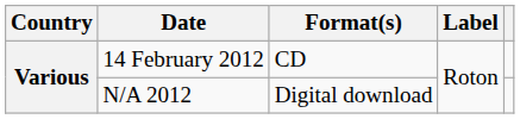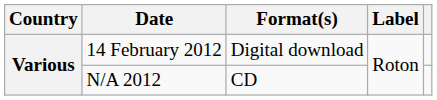 <table class="wikitable plainrowheaders">
 <tr>
 <th scope="col">Country</th>
 <th scope="col">Date</th>
 <th scope="col">Format(s)</th>
 <th scope="col">Label</th>
 <th scope="col"></th>
 </tr>
 <tr>
 <th rowspan="2">Various</th>
 <td>14 February 2012</td>
-<td>CD</td>
+<td>Digital download</td>
 <td rowspan="2">Roton</td>
 <td></td>
 </tr>
 <tr>
 <td>N/A 2012</td>
-<td>Digital download</td>
+<td>CD</td>
 <td></td>
 </tr>
 </table>
